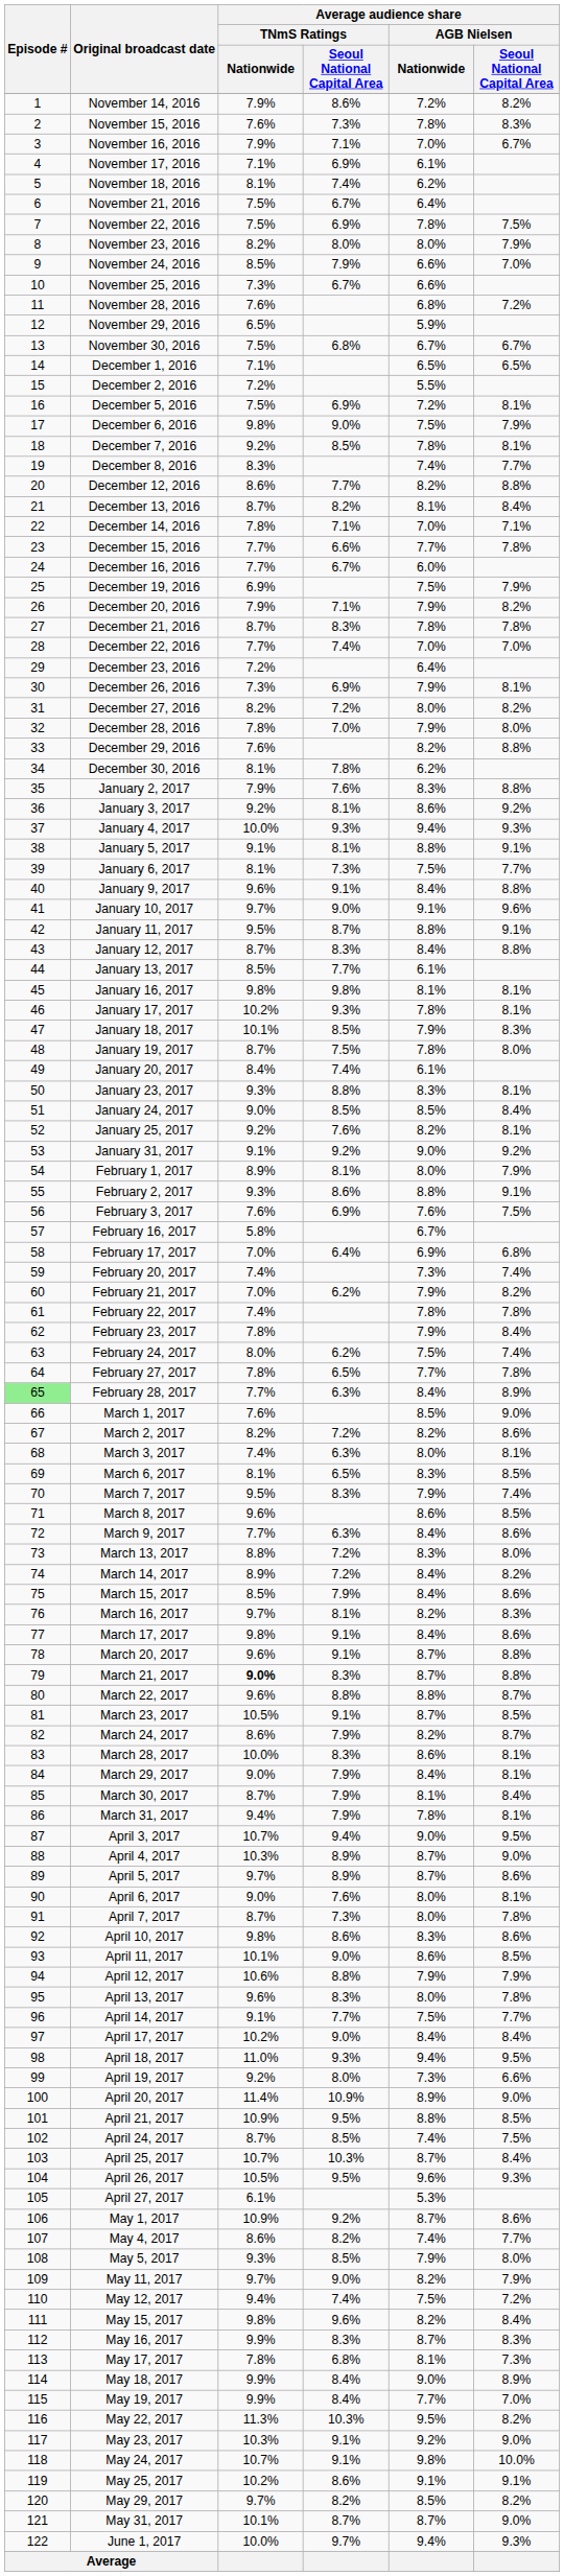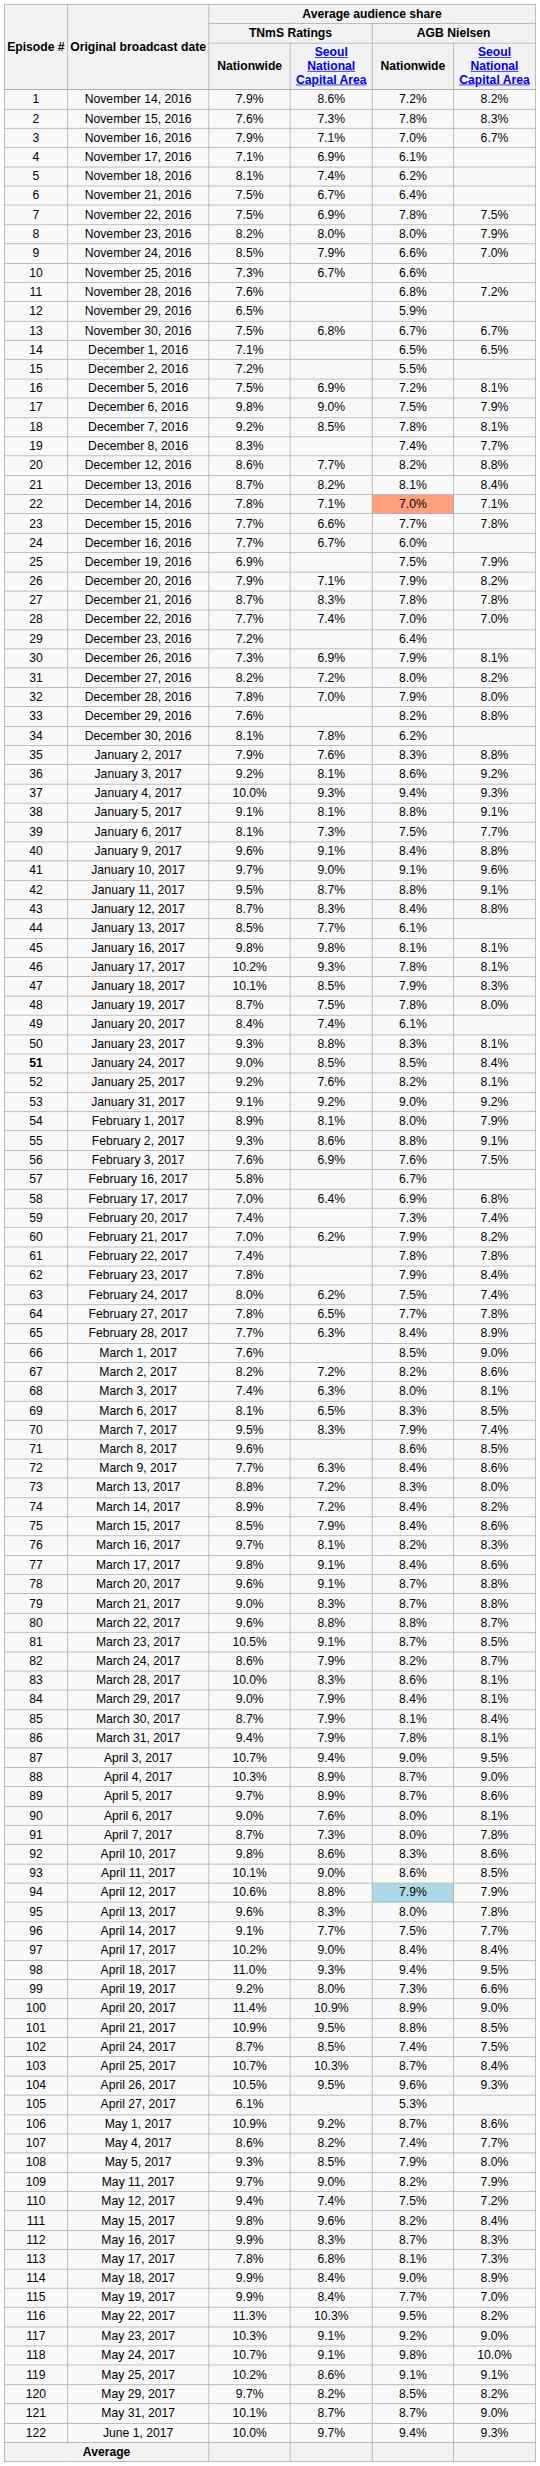 <table class="wikitable" style="text-align:center">
 <tr>
 <th rowspan="3">Episode #</th>
 <th rowspan="3">Original broadcast date</th>
 <th colspan="4">Average audience share</th>
 </tr>
 <tr>
 <th colspan="2">TNmS Ratings</th>
 <th colspan="2">AGB Nielsen</th>
 </tr>
 <tr>
 <th width=100>Nationwide</th>
 <th width=100><a href='#'>Seoul National Capital Area</a></th>
 <th width=100>Nationwide</th>
 <th width=100><a href='#'>Seoul National Capital Area</a></th>
 </tr>
 <tr>
 </tr>
 <tr>
 <td>1</td>
 <td>November 14, 2016</td>
 <td>7.9% </td>
 <td>8.6% </td>
 <td>7.2% </td>
 <td>8.2% </td>
 </tr>
 <tr>
 <td>2</td>
 <td>November 15, 2016</td>
 <td>7.6% </td>
 <td>7.3% </td>
 <td>7.8% </td>
 <td>8.3% </td>
 </tr>
 <tr>
 <td>3</td>
 <td>November 16, 2016</td>
 <td>7.9% </td>
 <td>7.1% </td>
 <td>7.0% </td>
 <td>6.7% </td>
 </tr>
 <tr>
 <td>4</td>
 <td>November 17, 2016</td>
 <td>7.1% </td>
 <td>6.9% </td>
 <td>6.1% </td>
 <td></td>
 </tr>
 <tr>
 <td>5</td>
 <td>November 18, 2016</td>
 <td>8.1% </td>
 <td>7.4% </td>
 <td>6.2% </td>
 <td></td>
 </tr>
 <tr>
 <td>6</td>
 <td>November 21, 2016</td>
 <td>7.5% </td>
 <td>6.7% </td>
 <td>6.4% </td>
 <td></td>
 </tr>
 <tr>
 <td>7</td>
 <td>November 22, 2016</td>
 <td>7.5% </td>
 <td>6.9% </td>
 <td>7.8% </td>
 <td>7.5% </td>
 </tr>
 <tr>
 <td>8</td>
 <td>November 23, 2016</td>
 <td>8.2% </td>
 <td>8.0% </td>
 <td>8.0% </td>
 <td>7.9% </td>
 </tr>
 <tr>
 <td>9</td>
 <td>November 24, 2016</td>
 <td>8.5% </td>
 <td>7.9% </td>
 <td>6.6% </td>
 <td>7.0% </td>
 </tr>
 <tr>
 <td>10</td>
 <td>November 25, 2016</td>
 <td>7.3% </td>
 <td>6.7% </td>
 <td>6.6% </td>
 <td></td>
 </tr>
 <tr>
 <td>11</td>
 <td>November 28, 2016</td>
 <td>7.6% </td>
 <td></td>
 <td>6.8%</td>
 <td>7.2% </td>
 </tr>
 <tr>
 <td>12</td>
 <td>November 29, 2016</td>
 <td>6.5% </td>
 <td></td>
 <td>5.9% </td>
 <td></td>
 </tr>
 <tr>
 <td>13</td>
 <td>November 30, 2016</td>
 <td>7.5% </td>
 <td>6.8% </td>
 <td>6.7%</td>
 <td>6.7% </td>
 </tr>
 <tr>
 <td>14</td>
 <td>December 1, 2016</td>
 <td>7.1% </td>
 <td></td>
 <td>6.5% </td>
 <td>6.5% </td>
 </tr>
 <tr>
 <td>15</td>
 <td>December 2, 2016</td>
 <td>7.2% </td>
 <td></td>
 <td>5.5% </td>
 <td></td>
 </tr>
 <tr>
 <td>16</td>
 <td>December 5, 2016</td>
 <td>7.5% </td>
 <td>6.9% </td>
 <td>7.2% </td>
 <td>8.1% </td>
 </tr>
 <tr>
 <td>17</td>
 <td>December 6, 2016</td>
 <td>9.8% </td>
 <td>9.0% </td>
 <td>7.5% </td>
 <td>7.9% </td>
 </tr>
 <tr>
 <td>18</td>
 <td>December 7, 2016</td>
 <td>9.2% </td>
 <td>8.5% </td>
 <td>7.8% </td>
 <td>8.1% </td>
 </tr>
 <tr>
 <td>19</td>
 <td>December 8, 2016</td>
 <td>8.3% </td>
 <td></td>
 <td>7.4% </td>
 <td>7.7% </td>
 </tr>
 <tr>
 <td>20</td>
 <td>December 12, 2016</td>
 <td>8.6% </td>
 <td>7.7% </td>
 <td>8.2% </td>
 <td>8.8% </td>
 </tr>
 <tr>
 <td>21</td>
 <td>December 13, 2016</td>
 <td>8.7% </td>
 <td>8.2% </td>
 <td>8.1% </td>
 <td>8.4% </td>
 </tr>
 <tr>
 <td>22</td>
 <td>December 14, 2016</td>
 <td>7.8% </td>
 <td>7.1% </td>
-<td>7.0% </td>
+<td style="background: lightsalmon;">7.0% </td>
 <td>7.1% </td>
 </tr>
 <tr>
 <td>23</td>
 <td>December 15, 2016</td>
 <td>7.7% </td>
 <td>6.6% </td>
 <td>7.7% </td>
 <td>7.8% </td>
 </tr>
 <tr>
 <td>24</td>
 <td>December 16, 2016</td>
 <td>7.7% </td>
 <td>6.7% </td>
 <td>6.0% </td>
 <td></td>
 </tr>
 <tr>
 <td>25</td>
 <td>December 19, 2016</td>
 <td>6.9% </td>
 <td></td>
 <td>7.5% </td>
 <td>7.9% </td>
 </tr>
 <tr>
 <td>26</td>
 <td>December 20, 2016</td>
 <td>7.9% </td>
 <td>7.1% </td>
 <td>7.9% </td>
 <td>8.2% </td>
 </tr>
 <tr>
 <td>27</td>
 <td>December 21, 2016</td>
 <td>8.7% </td>
 <td>8.3% </td>
 <td>7.8% </td>
 <td>7.8% </td>
 </tr>
 <tr>
 <td>28</td>
 <td>December 22, 2016</td>
 <td>7.7% </td>
 <td>7.4% </td>
 <td>7.0% </td>
 <td>7.0% </td>
 </tr>
 <tr>
 <td>29</td>
 <td>December 23, 2016</td>
 <td>7.2% </td>
 <td></td>
 <td>6.4% </td>
 <td></td>
 </tr>
 <tr>
 <td>30</td>
 <td>December 26, 2016</td>
 <td>7.3% </td>
 <td>6.9% </td>
 <td>7.9% </td>
 <td>8.1% </td>
 </tr>
 <tr>
 <td>31</td>
 <td>December 27, 2016</td>
 <td>8.2% </td>
 <td>7.2% </td>
 <td>8.0% </td>
 <td>8.2% </td>
 </tr>
 <tr>
 <td>32</td>
 <td>December 28, 2016</td>
 <td>7.8% </td>
 <td>7.0% </td>
 <td>7.9% </td>
 <td>8.0% </td>
 </tr>
 <tr>
 <td>33</td>
 <td>December 29, 2016</td>
 <td>7.6% </td>
 <td></td>
 <td>8.2% </td>
 <td>8.8% </td>
 </tr>
 <tr>
 <td>34</td>
 <td>December 30, 2016</td>
 <td>8.1% </td>
 <td>7.8% </td>
 <td>6.2% </td>
 <td></td>
 </tr>
 <tr>
 <td>35</td>
 <td>January 2, 2017</td>
 <td>7.9% </td>
 <td>7.6% </td>
 <td>8.3% </td>
 <td>8.8% </td>
 </tr>
 <tr>
 <td>36</td>
 <td>January 3, 2017</td>
 <td>9.2% </td>
 <td>8.1% </td>
 <td>8.6% </td>
 <td>9.2% </td>
 </tr>
 <tr>
 <td>37</td>
 <td>January 4, 2017</td>
 <td>10.0% </td>
 <td>9.3% </td>
 <td>9.4% </td>
 <td>9.3% </td>
 </tr>
 <tr>
 <td>38</td>
 <td>January 5, 2017</td>
 <td>9.1% </td>
 <td>8.1% </td>
 <td>8.8% </td>
 <td>9.1% </td>
 </tr>
 <tr>
 <td>39</td>
 <td>January 6, 2017</td>
 <td>8.1% </td>
 <td>7.3% </td>
 <td>7.5% </td>
 <td>7.7% </td>
 </tr>
 <tr>
 <td>40</td>
 <td>January 9, 2017</td>
 <td>9.6% </td>
 <td>9.1% </td>
 <td>8.4% </td>
 <td>8.8% </td>
 </tr>
 <tr>
 <td>41</td>
 <td>January 10, 2017</td>
 <td>9.7% </td>
 <td>9.0% </td>
 <td>9.1% </td>
 <td>9.6% </td>
 </tr>
 <tr>
 <td>42</td>
 <td>January 11, 2017</td>
 <td>9.5% </td>
 <td>8.7% </td>
 <td>8.8% </td>
 <td>9.1% </td>
 </tr>
 <tr>
 <td>43</td>
 <td>January 12, 2017</td>
 <td>8.7% </td>
 <td>8.3% </td>
 <td>8.4% </td>
 <td>8.8% </td>
 </tr>
 <tr>
 <td>44</td>
 <td>January 13, 2017</td>
 <td>8.5% </td>
 <td>7.7% </td>
 <td>6.1% </td>
 <td></td>
 </tr>
 <tr>
 <td>45</td>
 <td>January 16, 2017</td>
 <td>9.8% </td>
 <td>9.8% </td>
 <td>8.1% </td>
 <td>8.1% </td>
 </tr>
 <tr>
 <td>46</td>
 <td>January 17, 2017</td>
 <td>10.2% </td>
 <td>9.3% </td>
 <td>7.8% </td>
 <td>8.1% </td>
 </tr>
 <tr>
 <td>47</td>
 <td>January 18, 2017</td>
 <td>10.1% </td>
 <td>8.5% </td>
 <td>7.9% </td>
 <td>8.3% </td>
 </tr>
 <tr>
 <td>48</td>
 <td>January 19, 2017</td>
 <td>8.7% </td>
 <td>7.5% </td>
 <td>7.8% </td>
 <td>8.0% </td>
 </tr>
 <tr>
 <td>49</td>
 <td>January 20, 2017</td>
 <td>8.4% </td>
 <td>7.4% </td>
 <td>6.1% </td>
 <td></td>
 </tr>
 <tr>
 <td>50</td>
 <td>January 23, 2017</td>
 <td>9.3% </td>
 <td>8.8% </td>
 <td>8.3% </td>
 <td>8.1% </td>
 </tr>
 <tr>
-<td>51</td>
+<td><strong>51</strong></td>
 <td>January 24, 2017</td>
 <td>9.0% </td>
 <td>8.5% </td>
 <td>8.5% </td>
 <td>8.4% </td>
 </tr>
 <tr>
 <td>52</td>
 <td>January 25, 2017</td>
 <td>9.2% </td>
 <td>7.6% </td>
 <td>8.2% </td>
 <td>8.1% </td>
 </tr>
 <tr>
 <td>53</td>
 <td>January 31, 2017</td>
 <td>9.1% </td>
 <td>9.2% </td>
 <td>9.0% </td>
 <td>9.2% </td>
 </tr>
 <tr>
 <td>54</td>
 <td>February 1, 2017</td>
 <td>8.9% </td>
 <td>8.1% </td>
 <td>8.0% </td>
 <td>7.9% </td>
 </tr>
 <tr>
 <td>55</td>
 <td>February 2, 2017</td>
 <td>9.3% </td>
 <td>8.6% </td>
 <td>8.8% </td>
 <td>9.1% </td>
 </tr>
 <tr>
 <td>56</td>
 <td>February 3, 2017</td>
 <td>7.6% </td>
 <td>6.9% </td>
 <td>7.6% </td>
 <td>7.5% </td>
 </tr>
 <tr>
 <td>57</td>
 <td>February 16, 2017</td>
 <td>5.8% </td>
 <td></td>
 <td>6.7% </td>
 <td></td>
 </tr>
 <tr>
 <td>58</td>
 <td>February 17, 2017</td>
 <td>7.0% </td>
 <td>6.4% </td>
 <td>6.9% </td>
 <td>6.8% </td>
 </tr>
 <tr>
 <td>59</td>
 <td>February 20, 2017</td>
 <td>7.4% </td>
 <td></td>
 <td>7.3% </td>
 <td>7.4% </td>
 </tr>
 <tr>
 <td>60</td>
 <td>February 21, 2017</td>
 <td>7.0% </td>
 <td>6.2% </td>
 <td>7.9% </td>
 <td>8.2% </td>
 </tr>
 <tr>
 <td>61</td>
 <td>February 22, 2017</td>
 <td>7.4% </td>
 <td></td>
 <td>7.8% </td>
 <td>7.8% </td>
 </tr>
 <tr>
 <td>62</td>
 <td>February 23, 2017</td>
 <td>7.8% </td>
 <td></td>
 <td>7.9% </td>
 <td>8.4% </td>
 </tr>
 <tr>
 <td>63</td>
 <td>February 24, 2017</td>
 <td>8.0% </td>
 <td>6.2% </td>
 <td>7.5% </td>
 <td>7.4% </td>
 </tr>
 <tr>
 <td>64</td>
 <td>February 27, 2017</td>
 <td>7.8% </td>
 <td>6.5% </td>
 <td>7.7% </td>
 <td>7.8% </td>
 </tr>
 <tr>
-<td style="background: lightgreen;">65</td>
+<td>65</td>
 <td>February 28, 2017</td>
 <td>7.7% </td>
 <td>6.3% </td>
 <td>8.4% </td>
 <td>8.9% </td>
 </tr>
 <tr>
 <td>66</td>
 <td>March 1, 2017</td>
 <td>7.6% </td>
 <td></td>
 <td>8.5% </td>
 <td>9.0% </td>
 </tr>
 <tr>
 <td>67</td>
 <td>March 2, 2017</td>
 <td>8.2% </td>
 <td>7.2% </td>
 <td>8.2% </td>
 <td>8.6% </td>
 </tr>
 <tr>
 <td>68</td>
 <td>March 3, 2017</td>
 <td>7.4% </td>
 <td>6.3% </td>
 <td>8.0% </td>
 <td>8.1% </td>
 </tr>
 <tr>
 <td>69</td>
 <td>March 6, 2017</td>
 <td>8.1% </td>
 <td>6.5% </td>
 <td>8.3% </td>
 <td>8.5% </td>
 </tr>
 <tr>
 <td>70</td>
 <td>March 7, 2017</td>
 <td>9.5% </td>
 <td>8.3% </td>
 <td>7.9% </td>
 <td>7.4% </td>
 </tr>
 <tr>
 <td>71</td>
 <td>March 8, 2017</td>
 <td>9.6% </td>
 <td></td>
 <td>8.6% </td>
 <td>8.5% </td>
 </tr>
 <tr>
 <td>72</td>
 <td>March 9, 2017</td>
 <td>7.7% </td>
 <td>6.3% </td>
 <td>8.4% </td>
 <td>8.6% </td>
 </tr>
 <tr>
 <td>73</td>
 <td>March 13, 2017</td>
 <td>8.8% </td>
 <td>7.2% </td>
 <td>8.3% </td>
 <td>8.0% </td>
 </tr>
 <tr>
 <td>74</td>
 <td>March 14, 2017</td>
 <td>8.9% </td>
 <td>7.2% </td>
 <td>8.4% </td>
 <td>8.2% </td>
 </tr>
 <tr>
 <td>75</td>
 <td>March 15, 2017</td>
 <td>8.5% </td>
 <td>7.9% </td>
 <td>8.4% </td>
 <td>8.6% </td>
 </tr>
 <tr>
 <td>76</td>
 <td>March 16, 2017</td>
 <td>9.7% </td>
 <td>8.1% </td>
 <td>8.2% </td>
 <td>8.3% </td>
 </tr>
 <tr>
 <td>77</td>
 <td>March 17, 2017</td>
 <td>9.8% </td>
 <td>9.1% </td>
 <td>8.4% </td>
 <td>8.6% </td>
 </tr>
 <tr>
 <td>78</td>
 <td>March 20, 2017</td>
 <td>9.6% </td>
 <td>9.1% </td>
 <td>8.7% </td>
 <td>8.8% </td>
 </tr>
 <tr>
 <td>79</td>
 <td>March 21, 2017</td>
-<td><strong>9.0% </strong></td>
+<td>9.0% </td>
 <td>8.3% </td>
 <td>8.7% </td>
 <td>8.8% </td>
 </tr>
 <tr>
 <td>80</td>
 <td>March 22, 2017</td>
 <td>9.6% </td>
 <td>8.8% </td>
 <td>8.8% </td>
 <td>8.7% </td>
 </tr>
 <tr>
 <td>81</td>
 <td>March 23, 2017</td>
 <td>10.5% </td>
 <td>9.1% </td>
 <td>8.7% </td>
 <td>8.5% </td>
 </tr>
 <tr>
 <td>82</td>
 <td>March 24, 2017</td>
 <td>8.6% </td>
 <td>7.9% </td>
 <td>8.2% </td>
 <td>8.7% </td>
 </tr>
 <tr>
 <td>83</td>
 <td>March 28, 2017</td>
 <td>10.0% </td>
 <td>8.3% </td>
 <td>8.6% </td>
 <td>8.1% </td>
 </tr>
 <tr>
 <td>84</td>
 <td>March 29, 2017</td>
 <td>9.0% </td>
 <td>7.9% </td>
 <td>8.4% </td>
 <td>8.1% </td>
 </tr>
 <tr>
 <td>85</td>
 <td>March 30, 2017</td>
 <td>8.7% </td>
 <td>7.9% </td>
 <td>8.1% </td>
 <td>8.4% </td>
 </tr>
 <tr>
 <td>86</td>
 <td>March 31, 2017</td>
 <td>9.4% </td>
 <td>7.9% </td>
 <td>7.8% </td>
 <td>8.1% </td>
 </tr>
 <tr>
 <td>87</td>
 <td>April 3, 2017</td>
 <td>10.7% </td>
 <td>9.4% </td>
 <td>9.0% </td>
 <td>9.5% </td>
 </tr>
 <tr>
 <td>88</td>
 <td>April 4, 2017</td>
 <td>10.3% </td>
 <td>8.9% </td>
 <td>8.7% </td>
 <td>9.0% </td>
 </tr>
 <tr>
 <td>89</td>
 <td>April 5, 2017</td>
 <td>9.7% </td>
 <td>8.9% </td>
 <td>8.7% </td>
 <td>8.6% </td>
 </tr>
 <tr>
 <td>90</td>
 <td>April 6, 2017</td>
 <td>9.0% </td>
 <td>7.6% </td>
 <td>8.0% </td>
 <td>8.1% </td>
 </tr>
 <tr>
 <td>91</td>
 <td>April 7, 2017</td>
 <td>8.7% </td>
 <td>7.3% </td>
 <td>8.0% </td>
 <td>7.8% </td>
 </tr>
 <tr>
 <td>92</td>
 <td>April 10, 2017</td>
 <td>9.8% </td>
 <td>8.6% </td>
 <td>8.3% </td>
 <td>8.6% </td>
 </tr>
 <tr>
 <td>93</td>
 <td>April 11, 2017</td>
 <td>10.1% </td>
 <td>9.0% </td>
 <td>8.6% </td>
 <td>8.5% </td>
 </tr>
 <tr>
 <td>94</td>
 <td>April 12, 2017</td>
 <td>10.6% </td>
 <td>8.8% </td>
-<td>7.9% </td>
+<td style="background: lightblue;">7.9% </td>
 <td>7.9% </td>
 </tr>
 <tr>
 <td>95</td>
 <td>April 13, 2017</td>
 <td>9.6% </td>
 <td>8.3% </td>
 <td>8.0% </td>
 <td>7.8% </td>
 </tr>
 <tr>
 <td>96</td>
 <td>April 14, 2017</td>
 <td>9.1% </td>
 <td>7.7% </td>
 <td>7.5% </td>
 <td>7.7% </td>
 </tr>
 <tr>
 <td>97</td>
 <td>April 17, 2017</td>
 <td>10.2% </td>
 <td>9.0% </td>
 <td>8.4% </td>
 <td>8.4% </td>
 </tr>
 <tr>
 <td>98</td>
 <td>April 18, 2017</td>
 <td>11.0% </td>
 <td>9.3% </td>
 <td>9.4% </td>
 <td>9.5% </td>
 </tr>
 <tr>
 <td>99</td>
 <td>April 19, 2017</td>
 <td>9.2% </td>
 <td>8.0% </td>
 <td>7.3% </td>
 <td>6.6% </td>
 </tr>
 <tr>
 <td>100</td>
 <td>April 20, 2017</td>
 <td>11.4% </td>
 <td>10.9% </td>
 <td>8.9% </td>
 <td>9.0% </td>
 </tr>
 <tr>
 <td>101</td>
 <td>April 21, 2017</td>
 <td>10.9% </td>
 <td>9.5% </td>
 <td>8.8% </td>
 <td>8.5% </td>
 </tr>
 <tr>
 <td>102</td>
 <td>April 24, 2017</td>
 <td>8.7% </td>
 <td>8.5% </td>
 <td>7.4% </td>
 <td>7.5% </td>
 </tr>
 <tr>
 <td>103</td>
 <td>April 25, 2017</td>
 <td>10.7% </td>
 <td>10.3% </td>
 <td>8.7% </td>
 <td>8.4% </td>
 </tr>
 <tr>
 <td>104</td>
 <td>April 26, 2017</td>
 <td>10.5% </td>
 <td>9.5% </td>
 <td>9.6% </td>
 <td>9.3% </td>
 </tr>
 <tr>
 <td>105</td>
 <td>April 27, 2017</td>
 <td>6.1% </td>
 <td></td>
 <td>5.3% </td>
 <td></td>
 </tr>
 <tr>
 <td>106</td>
 <td>May 1, 2017</td>
 <td>10.9% </td>
 <td>9.2% </td>
 <td>8.7% </td>
 <td>8.6% </td>
 </tr>
 <tr>
 <td>107</td>
 <td>May 4, 2017</td>
 <td>8.6% </td>
 <td>8.2% </td>
 <td>7.4% </td>
 <td>7.7% </td>
 </tr>
 <tr>
 <td>108</td>
 <td>May 5, 2017</td>
 <td>9.3% </td>
 <td>8.5% </td>
 <td>7.9% </td>
 <td>8.0% </td>
 </tr>
 <tr>
 <td>109</td>
 <td>May 11, 2017</td>
 <td>9.7% </td>
 <td>9.0% </td>
 <td>8.2% </td>
 <td>7.9% </td>
 </tr>
 <tr>
 <td>110</td>
 <td>May 12, 2017</td>
 <td>9.4% </td>
 <td>7.4% </td>
 <td>7.5% </td>
 <td>7.2% </td>
 </tr>
 <tr>
 <td>111</td>
 <td>May 15, 2017</td>
 <td>9.8% </td>
 <td>9.6% </td>
 <td>8.2% </td>
 <td>8.4% </td>
 </tr>
 <tr>
 <td>112</td>
 <td>May 16, 2017</td>
 <td>9.9% </td>
 <td>8.3% </td>
 <td>8.7% </td>
 <td>8.3% </td>
 </tr>
 <tr>
 <td>113</td>
 <td>May 17, 2017</td>
 <td>7.8% </td>
 <td>6.8% </td>
 <td>8.1% </td>
 <td>7.3% </td>
 </tr>
 <tr>
 <td>114</td>
 <td>May 18, 2017</td>
 <td>9.9% </td>
 <td>8.4% </td>
 <td>9.0% </td>
 <td>8.9% </td>
 </tr>
 <tr>
 <td>115</td>
 <td>May 19, 2017</td>
 <td>9.9% </td>
 <td>8.4% </td>
 <td>7.7% </td>
 <td>7.0% </td>
 </tr>
 <tr>
 <td>116</td>
 <td>May 22, 2017</td>
 <td>11.3% </td>
 <td>10.3% </td>
 <td>9.5% </td>
 <td>8.2% </td>
 </tr>
 <tr>
 <td>117</td>
 <td>May 23, 2017</td>
 <td>10.3% </td>
 <td>9.1% </td>
 <td>9.2% </td>
 <td>9.0% </td>
 </tr>
 <tr>
 <td>118</td>
 <td>May 24, 2017</td>
 <td>10.7% </td>
 <td>9.1% </td>
 <td>9.8% </td>
 <td>10.0% </td>
 </tr>
 <tr>
 <td>119</td>
 <td>May 25, 2017</td>
 <td>10.2% </td>
 <td>8.6% </td>
 <td>9.1% </td>
 <td>9.1% </td>
 </tr>
 <tr>
 <td>120</td>
 <td>May 29, 2017</td>
 <td>9.7% </td>
 <td>8.2% </td>
 <td>8.5% </td>
 <td>8.2% </td>
 </tr>
 <tr>
 <td>121</td>
 <td>May 31, 2017</td>
 <td>10.1% </td>
 <td>8.7% </td>
 <td>8.7% </td>
 <td>9.0% </td>
 </tr>
 <tr>
 <td>122</td>
 <td>June 1, 2017</td>
 <td>10.0% </td>
 <td>9.7% </td>
 <td>9.4% </td>
 <td>9.3% </td>
 </tr>
 <tr>
 <th colspan="2">Average</th>
 <th></th>
 <th></th>
 <th></th>
 <th></th>
 </tr>
 </table>
